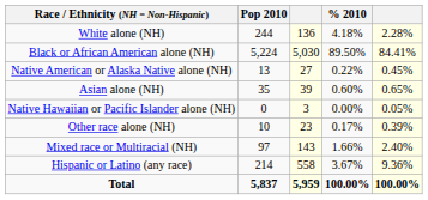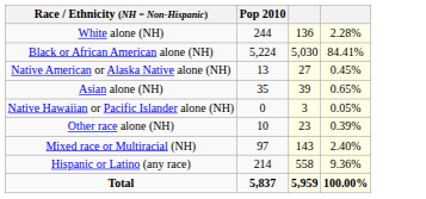 <table class="wikitable" style="text-align:center;">
 <tr>
 <th>Race / Ethnicity <small>(<em>NH = Non-Hispanic</em>)</small></th>
 <th>Pop 2010</th>
 <th></th>
-<th>% 2010</th>
 <th></th>
 </tr>
 <tr>
 <td><a href='#'>White</a> alone (NH)</td>
 <td>244</td>
 <td style='background: #ffffe6;'>136</td>
-<td>4.18%</td>
 <td style='background: #ffffe6;'>2.28%</td>
 </tr>
 <tr>
 <td><a href='#'>Black or African American</a> alone (NH)</td>
 <td>5,224</td>
 <td style='background: #ffffe6;'>5,030</td>
-<td>89.50%</td>
 <td style='background: #ffffe6;'>84.41%</td>
 </tr>
 <tr>
 <td><a href='#'>Native American</a> or <a href='#'>Alaska Native</a> alone (NH)</td>
 <td>13</td>
 <td style='background: #ffffe6;'>27</td>
-<td>0.22%</td>
 <td style='background: #ffffe6;'>0.45%</td>
 </tr>
 <tr>
 <td><a href='#'>Asian</a> alone (NH)</td>
 <td>35</td>
 <td style='background: #ffffe6;'>39</td>
-<td>0.60%</td>
 <td style='background: #ffffe6;'>0.65%</td>
 </tr>
 <tr>
 <td><a href='#'>Native Hawaiian</a> or <a href='#'>Pacific Islander</a> alone (NH)</td>
 <td>0</td>
 <td style='background: #ffffe6;'>3</td>
-<td>0.00%</td>
 <td style='background: #ffffe6;'>0.05%</td>
 </tr>
 <tr>
 <td><a href='#'>Other race</a> alone (NH)</td>
 <td>10</td>
 <td style='background: #ffffe6;'>23</td>
-<td>0.17%</td>
 <td style='background: #ffffe6;'>0.39%</td>
 </tr>
 <tr>
 <td><a href='#'>Mixed race or Multiracial</a> (NH)</td>
 <td>97</td>
 <td style='background: #ffffe6;'>143</td>
-<td>1.66%</td>
 <td style='background: #ffffe6;'>2.40%</td>
 </tr>
 <tr>
 <td><a href='#'>Hispanic or Latino</a> (any race)</td>
 <td>214</td>
 <td style='background: #ffffe6;'>558</td>
-<td>3.67%</td>
 <td style='background: #ffffe6;'>9.36%</td>
 </tr>
 <tr>
 <td><strong>Total</strong></td>
 <td><strong>5,837</strong></td>
 <td style='background: #ffffe6;'><strong>5,959</strong></td>
-<td><strong>100.00%</strong></td>
 <td style='background: #ffffe6;'><strong>100.00%</strong></td>
 </tr>
 </table>
